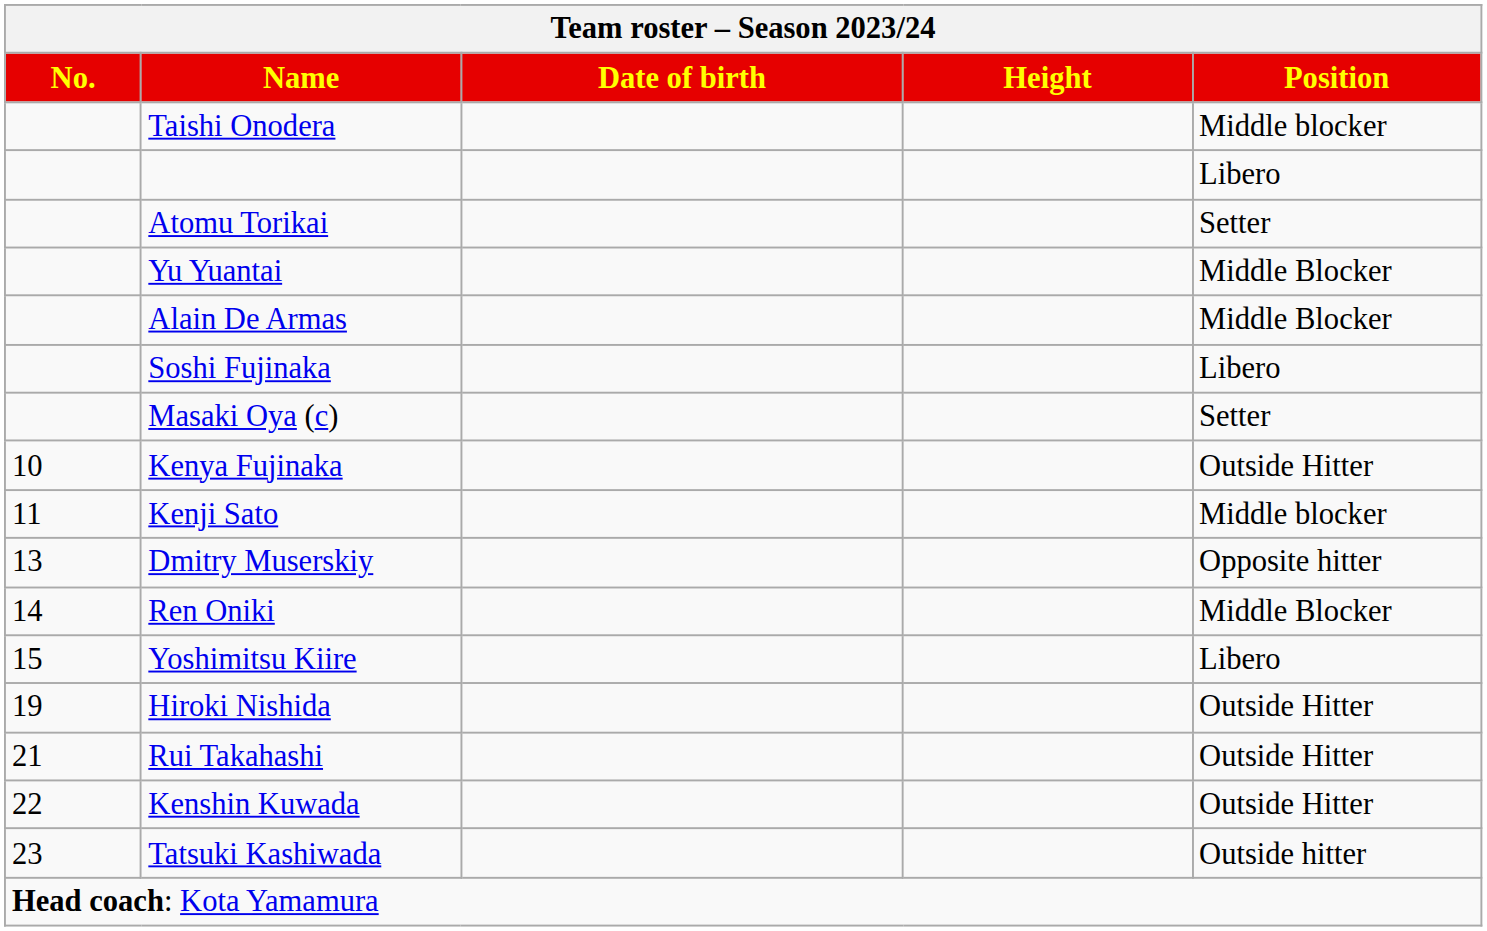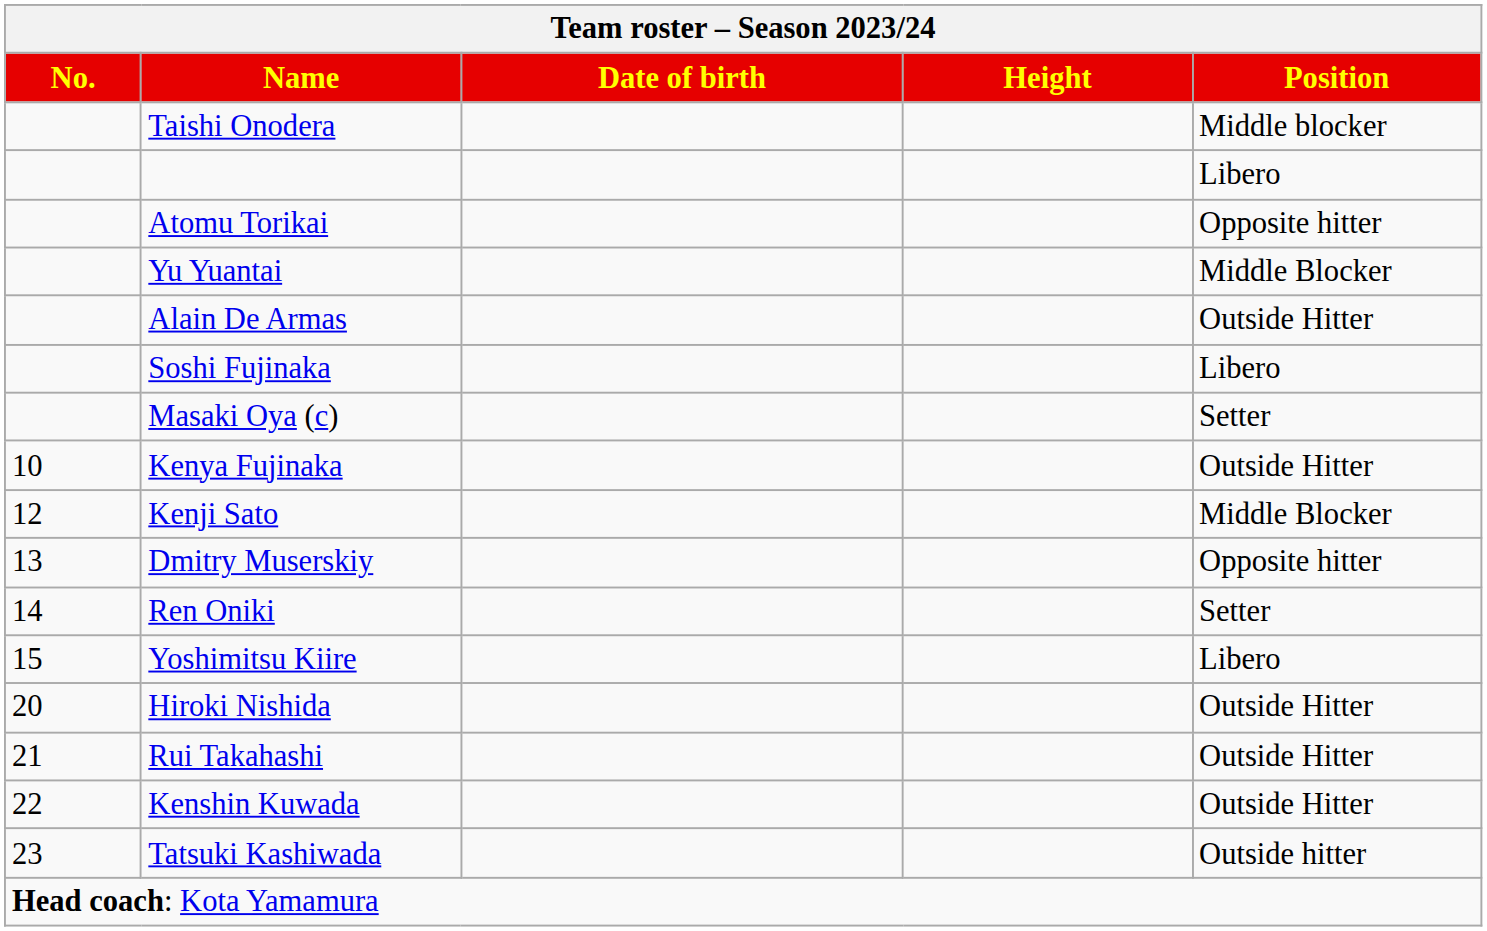 <table class="wikitable collapsible collapsed sortable" style="font-size:">
 <tr>
 <th colspan=6>Team roster – Season 2023/24</th>
 </tr>
 <tr>
 <th style="width:4em; color:yellow; background-color:#E60000">No.</th>
 <th style="width:10em; color:yellow; background-color:#E60000">Name</th>
 <th style="width:14em; color:yellow; background-color:#E60000">Date of birth</th>
 <th style="width:9em; color:yellow; background-color:#E60000">Height</th>
 <th style="width:9em; color:yellow; background-color:#E60000">Position</th>
 </tr>
 <tr>
 <td></td>
 <td style="text-align:left;"><a href='#'>Taishi Onodera</a></td>
 <td style="text-align:right;"></td>
 <td></td>
 <td>Middle blocker</td>
 </tr>
 <tr>
 <td></td>
 <td style="text-align:left;"></td>
 <td style="text-align:right;"></td>
 <td></td>
 <td>Libero</td>
 </tr>
 <tr>
 <td></td>
 <td style="text-align:left;"><a href='#'>Atomu Torikai</a></td>
 <td style="text-align:right;"></td>
 <td></td>
-<td>Setter</td>
+<td>Opposite hitter</td>
 </tr>
 <tr>
 <td></td>
 <td style="text-align:left;"> <a href='#'>Yu Yuantai</a></td>
 <td style="text-align:right;"></td>
 <td></td>
 <td>Middle Blocker</td>
 </tr>
 <tr>
 <td></td>
 <td style="text-align:left;"> <a href='#'>Alain De Armas</a></td>
 <td style="text-align:right;"></td>
 <td></td>
-<td>Middle Blocker</td>
+<td>Outside Hitter</td>
 </tr>
 <tr>
 <td></td>
 <td style="text-align:left;"><a href='#'>Soshi Fujinaka</a></td>
 <td style="text-align:right;"></td>
 <td></td>
 <td>Libero</td>
 </tr>
 <tr>
 <td></td>
 <td style="text-align:left;"><a href='#'>Masaki Oya</a> (<a href='#'>c</a>)</td>
 <td style="text-align:right;"></td>
 <td></td>
 <td>Setter</td>
 </tr>
 <tr>
 <td>10</td>
 <td style="text-align:left;"><a href='#'>Kenya Fujinaka</a></td>
 <td style="text-align:right;"></td>
 <td></td>
 <td>Outside Hitter</td>
 </tr>
 <tr>
-<td>11</td>
+<td>12</td>
 <td style="text-align:left;"><a href='#'>Kenji Sato</a></td>
 <td style="text-align:right;"></td>
 <td></td>
-<td>Middle blocker</td>
+<td>Middle Blocker</td>
 </tr>
 <tr>
 <td>13</td>
 <td style="text-align:left;"> <a href='#'>Dmitry Muserskiy</a></td>
 <td style="text-align:right;"></td>
 <td></td>
 <td>Opposite hitter</td>
 </tr>
 <tr>
 <td>14</td>
 <td style="text-align:left;"><a href='#'>Ren Oniki</a></td>
 <td style="text-align:right;"></td>
 <td></td>
-<td>Middle Blocker</td>
+<td>Setter</td>
 </tr>
 <tr>
 <td>15</td>
 <td style="text-align:left;"><a href='#'>Yoshimitsu Kiire</a></td>
 <td style="text-align:right;"></td>
 <td></td>
 <td>Libero</td>
 </tr>
 <tr>
-<td>19</td>
+<td>20</td>
 <td style="text-align:left;"><a href='#'>Hiroki Nishida</a></td>
 <td style="text-align:right;"></td>
 <td></td>
 <td>Outside Hitter</td>
 </tr>
 <tr>
 <td>21</td>
 <td style="text-align:left;"><a href='#'>Rui Takahashi</a></td>
 <td style="text-align:right;"></td>
 <td></td>
 <td>Outside Hitter</td>
 </tr>
 <tr>
 <td>22</td>
 <td style="text-align:left;"><a href='#'>Kenshin Kuwada</a></td>
 <td style="text-align:right;"></td>
 <td></td>
 <td>Outside Hitter</td>
 </tr>
 <tr>
 <td>23</td>
 <td style="text-align:left;"><a href='#'>Tatsuki Kashiwada</a></td>
 <td style="text-align:right;"></td>
 <td></td>
 <td>Outside hitter</td>
 </tr>
 <tr>
 <td colspan=5><strong>Head coach</strong>:  <a href='#'>Kota Yamamura</a></td>
 </tr>
 </table>
